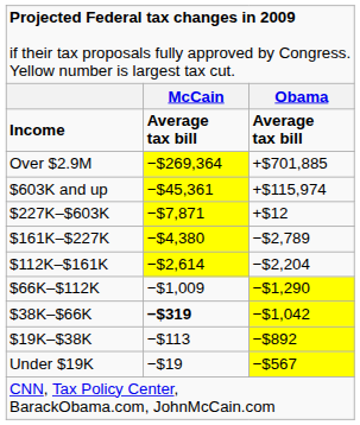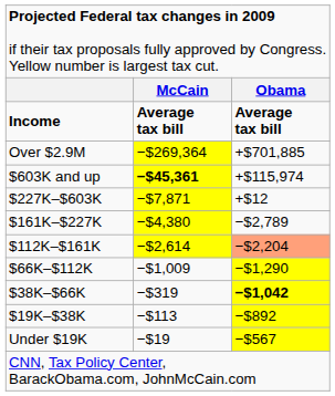 <table class="wikitable" align="right">
 <tr>
 <td colspan=3><strong>Projected Federal tax changes in 2009</strong><br><br>if their tax proposals fully approved by Congress.<br> Yellow number is largest tax cut.</td>
 </tr>
 <tr>
 <th></th>
 <th><a href='#'>McCain</a></th>
 <th><a href='#'>Obama</a></th>
 </tr>
 <tr>
 <td><strong>Income</strong></td>
 <td><strong>Average<br> tax bill</strong></td>
 <td><strong>Average<br> tax bill</strong></td>
 </tr>
 <tr>
 <td>Over $2.9M</td>
 <td bgcolor=yellow>−$269,364</td>
 <td>+$701,885</td>
 </tr>
 <tr>
 <td>$603K and up</td>
-<td bgcolor=yellow>−$45,361</td>
+<td bgcolor=yellow><strong>−$45,361</strong></td>
 <td>+$115,974</td>
 </tr>
 <tr>
 <td>$227K–$603K</td>
 <td bgcolor=yellow>−$7,871</td>
 <td>+$12</td>
 </tr>
 <tr>
 <td>$161K–$227K</td>
 <td bgcolor=yellow>−$4,380</td>
 <td>−$2,789</td>
 </tr>
 <tr>
 <td>$112K–$161K</td>
 <td bgcolor=yellow>−$2,614</td>
-<td>−$2,204</td>
+<td style="background: lightsalmon;">−$2,204</td>
 </tr>
 <tr>
 <td>$66K–$112K</td>
 <td>−$1,009</td>
 <td bgcolor=yellow>−$1,290</td>
 </tr>
 <tr>
 <td>$38K–$66K</td>
-<td><strong>−$319</strong></td>
-<td bgcolor=yellow>−$1,042</td>
+<td>−$319</td>
+<td bgcolor=yellow><strong>−$1,042</strong></td>
 </tr>
 <tr>
 <td>$19K–$38K</td>
 <td>−$113</td>
 <td bgcolor=yellow>−$892</td>
 </tr>
 <tr>
 <td>Under $19K</td>
 <td>−$19</td>
 <td bgcolor=yellow>−$567</td>
 </tr>
 <tr>
 <td colspan=3><a href='#'>CNN</a>, <a href='#'>Tax Policy Center</a>,<br> BarackObama.com, JohnMcCain.com</td>
 </tr>
 </table>
